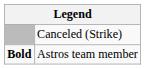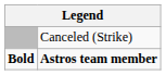 <table class="wikitable" style="font-size:90%">
 <tr>
 <th colspan="2">Legend</th>
 </tr>
 <tr>
 <td style="background:#bbb;"> </td>
 <td>Canceled (Strike)</td>
 </tr>
 <tr>
 <td><strong>Bold</strong></td>
-<td>Astros team member</td>
+<td><strong>Astros team member</strong></td>
 </tr>
 </table>
